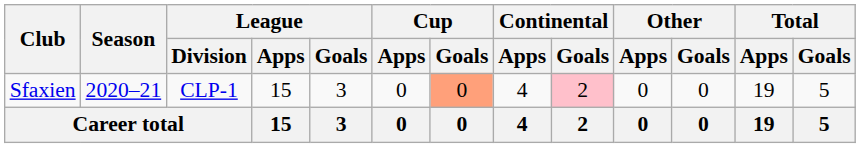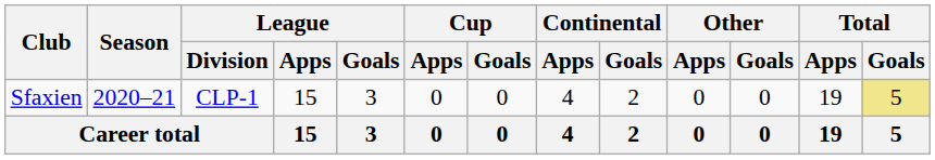 <table class="wikitable" style="text-align: center">
 <tr>
 <th rowspan="2">Club</th>
 <th rowspan="2">Season</th>
 <th colspan="3">League</th>
 <th colspan="2">Cup</th>
 <th colspan="2">Continental</th>
 <th colspan="2">Other</th>
 <th colspan="2">Total</th>
 </tr>
 <tr>
 <th>Division</th>
 <th>Apps</th>
 <th>Goals</th>
 <th>Apps</th>
 <th>Goals</th>
 <th>Apps</th>
 <th>Goals</th>
 <th>Apps</th>
 <th>Goals</th>
 <th>Apps</th>
 <th>Goals</th>
 </tr>
 <tr>
 <td><a href='#'>Sfaxien</a></td>
 <td><a href='#'>2020–21</a></td>
 <td><a href='#'>CLP-1</a></td>
 <td>15</td>
 <td>3</td>
 <td>0</td>
-<td style="background: lightsalmon;">0</td>
+<td>0</td>
 <td>4</td>
-<td style="background: pink;">2</td>
+<td>2</td>
 <td>0</td>
 <td>0</td>
 <td>19</td>
-<td>5</td>
+<td style="background: khaki;">5</td>
 </tr>
 <tr>
 <th colspan="3"><strong>Career total</strong></th>
 <th>15</th>
 <th>3</th>
 <th>0</th>
 <th>0</th>
 <th>4</th>
 <th>2</th>
 <th>0</th>
 <th>0</th>
 <th>19</th>
 <th>5</th>
 </tr>
 </table>
